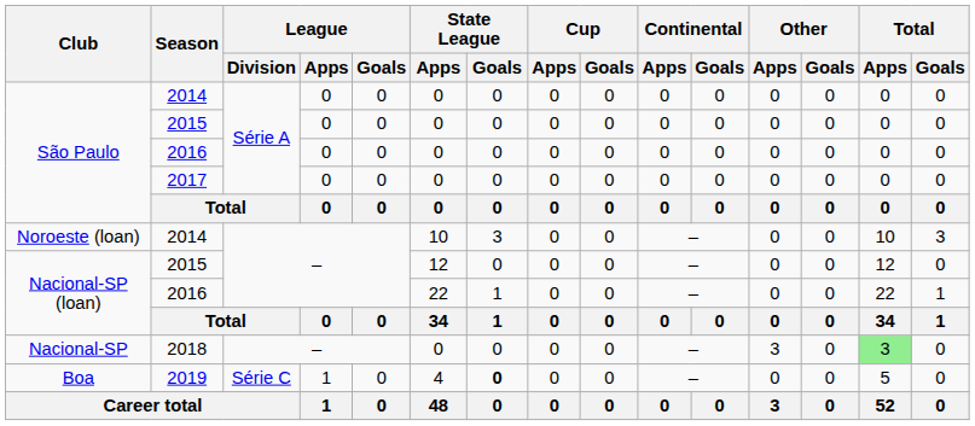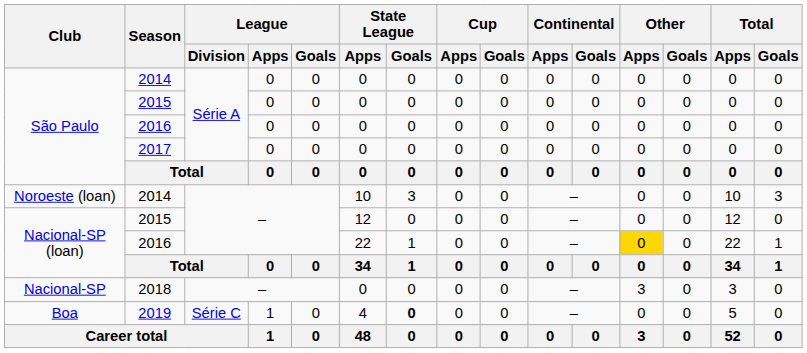 <table class="wikitable" style="text-align: center">
 <tr>
 <th rowspan="2">Club</th>
 <th rowspan="2">Season</th>
 <th colspan="3">League</th>
 <th colspan="2">State League</th>
 <th colspan="2">Cup</th>
 <th colspan="2">Continental</th>
 <th colspan="2">Other</th>
 <th colspan="2">Total</th>
 </tr>
 <tr>
 <th>Division</th>
 <th>Apps</th>
 <th>Goals</th>
 <th>Apps</th>
 <th>Goals</th>
 <th>Apps</th>
 <th>Goals</th>
 <th>Apps</th>
 <th>Goals</th>
 <th>Apps</th>
 <th>Goals</th>
 <th>Apps</th>
 <th>Goals</th>
 </tr>
 <tr>
 <td rowspan="5"><a href='#'>São Paulo</a></td>
 <td><a href='#'>2014</a></td>
 <td rowspan="4"><a href='#'>Série A</a></td>
 <td>0</td>
 <td>0</td>
 <td>0</td>
 <td>0</td>
 <td>0</td>
 <td>0</td>
 <td>0</td>
 <td>0</td>
 <td>0</td>
 <td>0</td>
 <td>0</td>
 <td>0</td>
 </tr>
 <tr>
 <td><a href='#'>2015</a></td>
 <td>0</td>
 <td>0</td>
 <td>0</td>
 <td>0</td>
 <td>0</td>
 <td>0</td>
 <td>0</td>
 <td>0</td>
 <td>0</td>
 <td>0</td>
 <td>0</td>
 <td>0</td>
 </tr>
 <tr>
 <td><a href='#'>2016</a></td>
 <td>0</td>
 <td>0</td>
 <td>0</td>
 <td>0</td>
 <td>0</td>
 <td>0</td>
 <td>0</td>
 <td>0</td>
 <td>0</td>
 <td>0</td>
 <td>0</td>
 <td>0</td>
 </tr>
 <tr>
 <td><a href='#'>2017</a></td>
 <td>0</td>
 <td>0</td>
 <td>0</td>
 <td>0</td>
 <td>0</td>
 <td>0</td>
 <td>0</td>
 <td>0</td>
 <td>0</td>
 <td>0</td>
 <td>0</td>
 <td>0</td>
 </tr>
 <tr>
 <th colspan="2"><strong>Total</strong></th>
 <th>0</th>
 <th>0</th>
 <th>0</th>
 <th>0</th>
 <th>0</th>
 <th>0</th>
 <th>0</th>
 <th>0</th>
 <th>0</th>
 <th>0</th>
 <th>0</th>
 <th>0</th>
 </tr>
 <tr>
 <td><a href='#'>Noroeste</a> (loan)</td>
 <td>2014</td>
 <td colspan="3" rowspan="3">–</td>
 <td>10</td>
 <td>3</td>
 <td>0</td>
 <td>0</td>
 <td colspan="2">–</td>
 <td>0</td>
 <td>0</td>
 <td>10</td>
 <td>3</td>
 </tr>
 <tr>
 <td rowspan="3"><a href='#'>Nacional-SP</a> (loan)</td>
 <td>2015</td>
 <td>12</td>
 <td>0</td>
 <td>0</td>
 <td>0</td>
 <td colspan="2">–</td>
 <td>0</td>
 <td>0</td>
 <td>12</td>
 <td>0</td>
 </tr>
 <tr>
 <td>2016</td>
 <td>22</td>
 <td>1</td>
 <td>0</td>
 <td>0</td>
 <td colspan="2">–</td>
-<td>0</td>
+<td style="background: gold;">0</td>
 <td>0</td>
 <td>22</td>
 <td>1</td>
 </tr>
 <tr>
 <th colspan="2"><strong>Total</strong></th>
 <th>0</th>
 <th>0</th>
 <th>34</th>
 <th>1</th>
 <th>0</th>
 <th>0</th>
 <th>0</th>
 <th>0</th>
 <th>0</th>
 <th>0</th>
 <th>34</th>
 <th>1</th>
 </tr>
 <tr>
 <td><a href='#'>Nacional-SP</a></td>
 <td>2018</td>
 <td colspan="3">–</td>
 <td>0</td>
 <td>0</td>
 <td>0</td>
 <td>0</td>
 <td colspan="2">–</td>
 <td>3</td>
 <td>0</td>
-<td style="background: lightgreen;">3</td>
+<td>3</td>
 <td>0</td>
 </tr>
 <tr>
 <td><a href='#'>Boa</a></td>
 <td><a href='#'>2019</a></td>
 <td><a href='#'>Série C</a></td>
 <td>1</td>
 <td>0</td>
 <td>4</td>
 <td><strong>0</strong></td>
 <td>0</td>
 <td>0</td>
 <td colspan="2">–</td>
 <td>0</td>
 <td>0</td>
 <td>5</td>
 <td>0</td>
 </tr>
 <tr>
 <th colspan="3"><strong>Career total</strong></th>
 <th>1</th>
 <th>0</th>
 <th>48</th>
 <th>0</th>
 <th>0</th>
 <th>0</th>
 <th>0</th>
 <th>0</th>
 <th>3</th>
 <th>0</th>
 <th>52</th>
 <th>0</th>
 </tr>
 </table>
